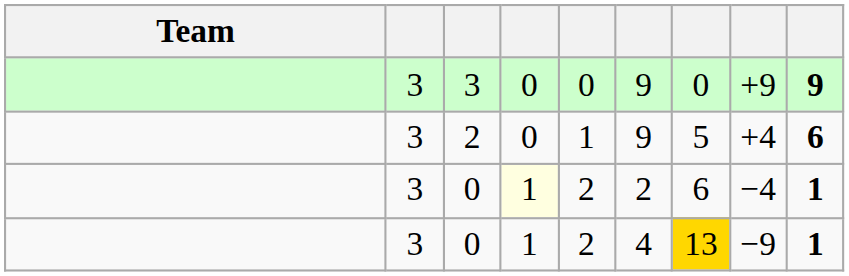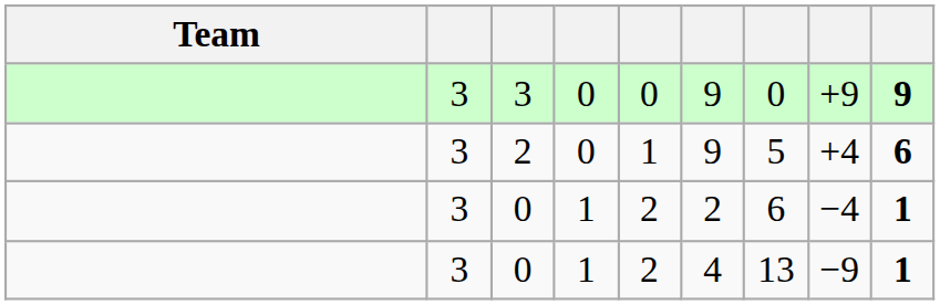 <table class="wikitable" style="text-align: center;">
 <tr>
 <th width="175">Team</th>
 <th width="20"></th>
 <th width="20"></th>
 <th width="20"></th>
 <th width="20"></th>
 <th width="20"></th>
 <th width="20"></th>
 <th width="20"></th>
 <th width="20"></th>
 </tr>
 <tr bgcolor=ccffcc>
 <td align=left></td>
 <td>3</td>
 <td>3</td>
 <td>0</td>
 <td>0</td>
 <td>9</td>
 <td>0</td>
 <td>+9</td>
 <td><strong>9</strong></td>
 </tr>
 <tr>
 <td align=left><em></em></td>
 <td>3</td>
 <td>2</td>
 <td>0</td>
 <td>1</td>
 <td>9</td>
 <td>5</td>
 <td>+4</td>
 <td><strong>6</strong></td>
 </tr>
 <tr>
 <td align=left></td>
 <td>3</td>
 <td>0</td>
-<td style="background: lightyellow;">1</td>
+<td>1</td>
 <td>2</td>
 <td>2</td>
 <td>6</td>
 <td>−4</td>
 <td><strong>1</strong></td>
 </tr>
 <tr>
 <td align=left></td>
 <td>3</td>
 <td>0</td>
 <td>1</td>
 <td>2</td>
 <td>4</td>
-<td style="background: gold;">13</td>
+<td>13</td>
 <td>−9</td>
 <td><strong>1</strong></td>
 </tr>
 </table>
